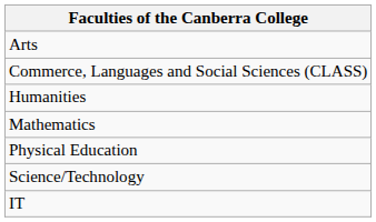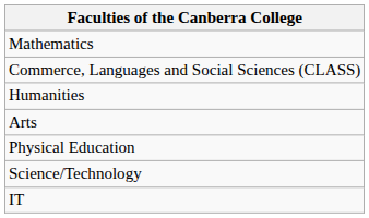 <table class="wikitable">
 <tr>
 <th>Faculties of the Canberra College</th>
 </tr>
 <tr>
-<td>Arts</td>
+<td>Mathematics</td>
 </tr>
 <tr>
 <td>Commerce, Languages and Social Sciences (CLASS)</td>
 </tr>
 <tr>
 <td>Humanities</td>
 </tr>
 <tr>
-<td>Mathematics</td>
+<td>Arts</td>
 </tr>
 <tr>
 <td>Physical Education</td>
 </tr>
 <tr>
 <td>Science/Technology</td>
 </tr>
 <tr>
 <td>IT</td>
 </tr>
 </table>
